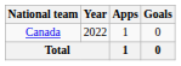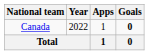 <table class="wikitable" style="text-align:center">
 <tr>
 <th>National team</th>
 <th>Year</th>
 <th>Apps</th>
 <th>Goals</th>
 </tr>
 <tr>
 <td><a href='#'>Canada</a></td>
 <td>2022</td>
 <td>1</td>
-<td>0</td>
+<td><strong>0</strong></td>
 </tr>
 <tr>
 <th colspan="2">Total</th>
 <th>1</th>
 <th>0</th>
 </tr>
 </table>
